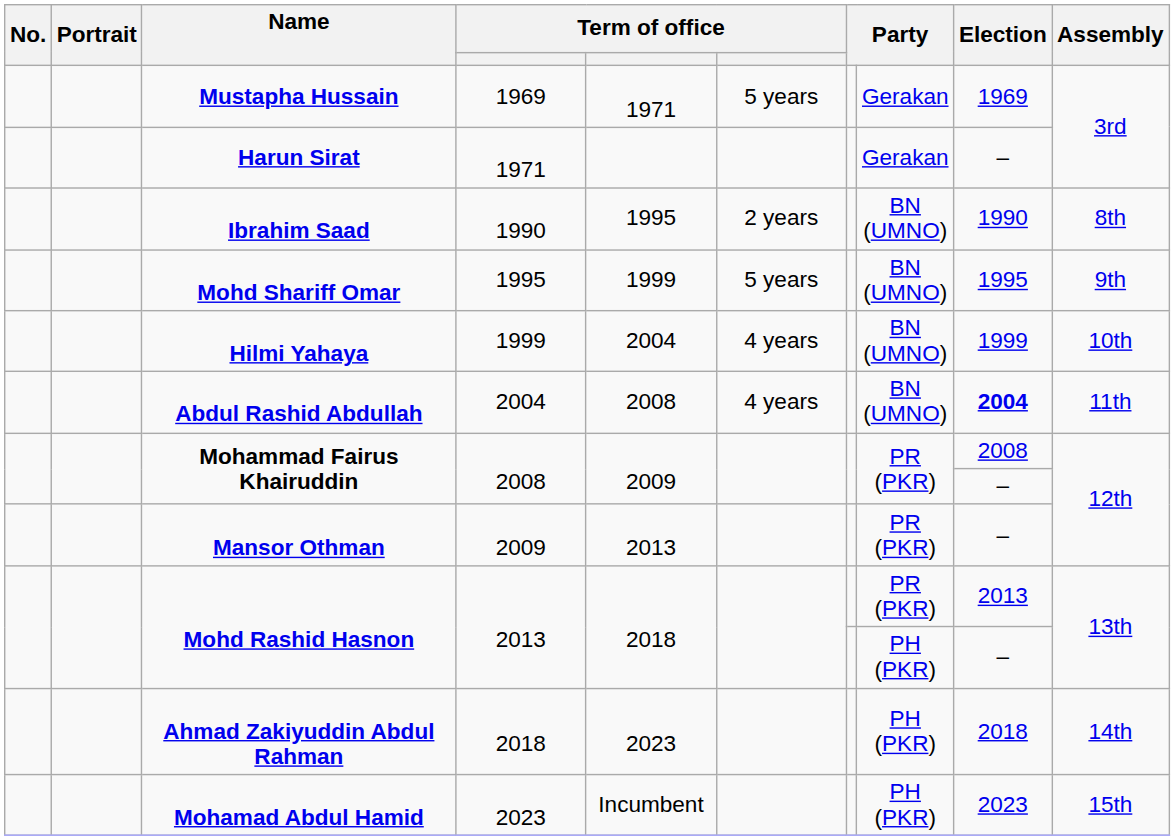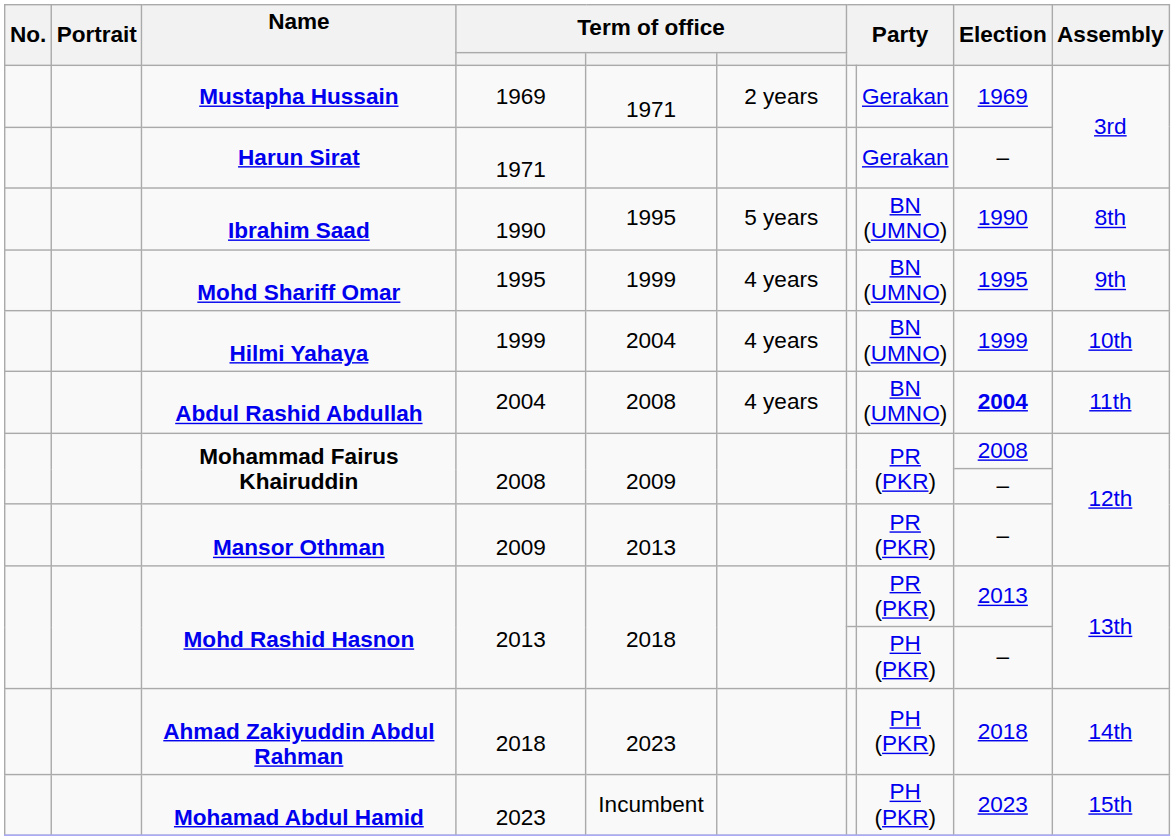 <table class="wikitable" style="text-align:center; border:1px #aaf solid;">
 <tr>
 <th rowspan="2">No.</th>
 <th rowspan="2">Portrait</th>
 <th rowspan="2" width="215">Name<br><br></th>
 <th colspan=3>Term of office</th>
 <th colspan="2" rowspan="2">Party</th>
 <th rowspan="2">Election</th>
 <th rowspan="2">Assembly</th>
 </tr>
 <tr>
 <th width="85"></th>
 <th width="85"></th>
 <th width="85"></th>
 </tr>
 <tr>
 <td></td>
 <td></td>
 <td><strong><a href='#'>Mustapha Hussain</a></strong><br></td>
 <td>1969</td>
 <td><br>1971</td>
-<td>5 years</td>
+<td>2 years</td>
 <td style="background:"></td>
 <td><a href='#'>Gerakan</a></td>
 <td><a href='#'>1969</a></td>
 <td rowspan=2><a href='#'>3rd</a></td>
 </tr>
 <tr>
 <td></td>
 <td></td>
 <td><strong><a href='#'>Harun Sirat</a></strong><br></td>
 <td><br>1971</td>
 <td></td>
 <td></td>
 <td style="background:"></td>
 <td><a href='#'>Gerakan</a></td>
 <td>–</td>
 </tr>
 <tr>
 <td></td>
 <td></td>
 <td><br><strong><a href='#'>Ibrahim Saad</a></strong><br></td>
 <td><br>1990</td>
 <td>1995</td>
-<td>2 years</td>
+<td>5 years</td>
 <td style="background:"></td>
 <td><a href='#'>BN</a><br>(<a href='#'>UMNO</a>)</td>
 <td><a href='#'>1990</a></td>
 <td><a href='#'>8th</a></td>
 </tr>
 <tr>
 <td></td>
 <td></td>
 <td><br><strong><a href='#'>Mohd Shariff Omar</a></strong><br></td>
 <td>1995</td>
 <td>1999</td>
-<td>5 years</td>
+<td>4 years</td>
 <td style="background:"></td>
 <td><a href='#'>BN</a><br>(<a href='#'>UMNO</a>)</td>
 <td><a href='#'>1995</a></td>
 <td><a href='#'>9th</a></td>
 </tr>
 <tr>
 <td></td>
 <td></td>
 <td><br><strong><a href='#'>Hilmi Yahaya</a></strong><br></td>
 <td>1999</td>
 <td>2004</td>
 <td>4 years</td>
 <td style="background:"></td>
 <td><a href='#'>BN</a><br>(<a href='#'>UMNO</a>)</td>
 <td><a href='#'>1999</a></td>
 <td><a href='#'>10th</a></td>
 </tr>
 <tr>
 <td></td>
 <td></td>
 <td><br><strong><a href='#'>Abdul Rashid Abdullah</a></strong><br></td>
 <td>2004</td>
 <td>2008</td>
 <td>4 years</td>
 <td style="background:"></td>
 <td><a href='#'>BN</a><br>(<a href='#'>UMNO</a>)</td>
 <td><strong><a href='#'>2004</a></strong></td>
 <td><a href='#'>11th</a></td>
 </tr>
 <tr>
 <td rowspan=2></td>
 <td rowspan=2></td>
 <td rowspan=2><strong>Mohammad Fairus Khairuddin</strong><br></td>
 <td rowspan=2><br>2008</td>
 <td rowspan=2><br>2009</td>
 <td rowspan=2></td>
 <td rowspan=2 style="background:"></td>
 <td rowspan=2><a href='#'>PR</a><br>(<a href='#'>PKR</a>)</td>
 <td><a href='#'>2008</a></td>
 <td rowspan=3><a href='#'>12th</a></td>
 </tr>
 <tr>
 <td>–</td>
 </tr>
 <tr>
 <td></td>
 <td></td>
 <td><br><strong><a href='#'>Mansor Othman</a></strong><br></td>
 <td><br>2009</td>
 <td><br>2013</td>
 <td></td>
 <td style="background:"></td>
 <td><a href='#'>PR</a><br>(<a href='#'>PKR</a>)</td>
 <td>–</td>
 </tr>
 <tr>
 <td rowspan=2></td>
 <td rowspan=2></td>
 <td rowspan=2><br><strong><a href='#'>Mohd Rashid Hasnon</a></strong><br></td>
 <td rowspan=2><br>2013</td>
 <td rowspan=2><br>2018</td>
 <td rowspan=2></td>
 <td style="background:"></td>
 <td><a href='#'>PR</a><br>(<a href='#'>PKR</a>)</td>
 <td><a href='#'>2013</a></td>
 <td rowspan=2><a href='#'>13th</a></td>
 </tr>
 <tr>
 <td style="background:"></td>
 <td><a href='#'>PH</a><br>(<a href='#'>PKR</a>)</td>
 <td>–</td>
 </tr>
 <tr>
 <td></td>
 <td></td>
 <td><br><strong><a href='#'>Ahmad Zakiyuddin Abdul Rahman</a></strong><br></td>
 <td><br>2018</td>
 <td><br>2023</td>
 <td></td>
 <td style="background:"></td>
 <td><a href='#'>PH</a><br>(<a href='#'>PKR</a>)</td>
 <td><a href='#'>2018</a></td>
 <td><a href='#'>14th</a></td>
 </tr>
 <tr>
 <td></td>
 <td></td>
 <td><br><strong><a href='#'>Mohamad Abdul Hamid</a></strong><br></td>
 <td><br>2023</td>
 <td>Incumbent</td>
 <td></td>
 <td style="background:"></td>
 <td><a href='#'>PH</a><br>(<a href='#'>PKR</a>)</td>
 <td><a href='#'>2023</a></td>
 <td><a href='#'>15th</a></td>
 </tr>
 <tr>
 </tr>
 </table>
